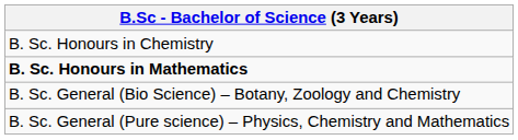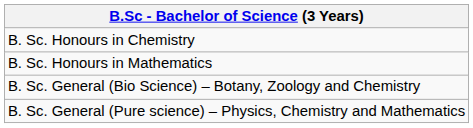 <table class="wikitable">
 <tr>
 <th><a href='#'>B.Sc - Bachelor of Science</a> (3 Years)</th>
 </tr>
 <tr>
 <td>B. Sc. Honours in Chemistry</td>
 </tr>
 <tr>
-<td><strong>B. Sc. Honours in Mathematics</strong></td>
+<td>B. Sc. Honours in Mathematics</td>
 </tr>
 <tr>
 <td>B. Sc. General (Bio Science) – Botany, Zoology and Chemistry</td>
 </tr>
 <tr>
 <td>B. Sc. General (Pure science) – Physics, Chemistry and Mathematics</td>
 </tr>
 </table>
